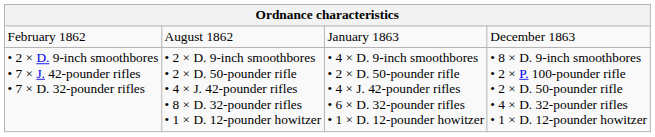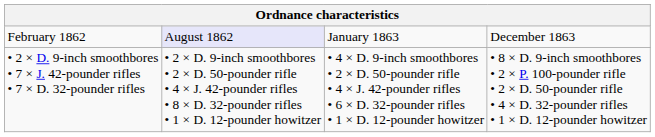 <table class="wikitable" style="font-size:97%;">
 <tr>
 <th colspan="4">Ordnance characteristics</th>
 </tr>
 <tr>
 <td>February 1862</td>
-<td>August 1862</td>
+<td style="background: lavender;">August 1862</td>
 <td>January 1863</td>
 <td>December 1863</td>
 </tr>
 <tr>
 <td valign=top>• 2 × <a href='#'>D.</a> 9-inch smoothbores<br>• 7 × <a href='#'>J.</a> 42-pounder rifles<br>• 7 × D. 32-pounder rifles</td>
 <td valign=top>• 2 × D. 9-inch smoothbores<br>• 2 × D. 50-pounder rifle<br>• 4 × J. 42-pounder rifles<br>• 8 × D. 32-pounder rifles<br>• 1 × D. 12-pounder howitzer</td>
 <td valign=top>• 4 × D. 9-inch smoothbores<br>• 2 × D. 50-pounder rifle<br>• 4 × J. 42-pounder rifles<br>• 6 × D. 32-pounder rifles<br>• 1 × D. 12-pounder howitzer</td>
 <td valign=top>• 8 × D. 9-inch smoothbores<br>• 2 × <a href='#'>P.</a> 100-pounder rifle<br>• 2 × D. 50-pounder rifle<br>• 4 × D. 32-pounder rifles<br>• 1 × D. 12-pounder howitzer</td>
 </tr>
 </table>
